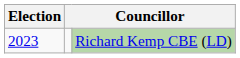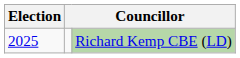 <table class="wikitable">
 <tr>
 <th>Election</th>
 <th colspan="2">Councillor</th>
 </tr>
 <tr>
-<td><a href='#'>2023</a></td>
+<td><a href='#'>2025</a></td>
 <td style="background-color: "></td>
 <td bgcolor="#B6D7A8"><a href='#'>Richard Kemp CBE</a> (<a href='#'>LD</a>)</td>
 </tr>
 </table>
